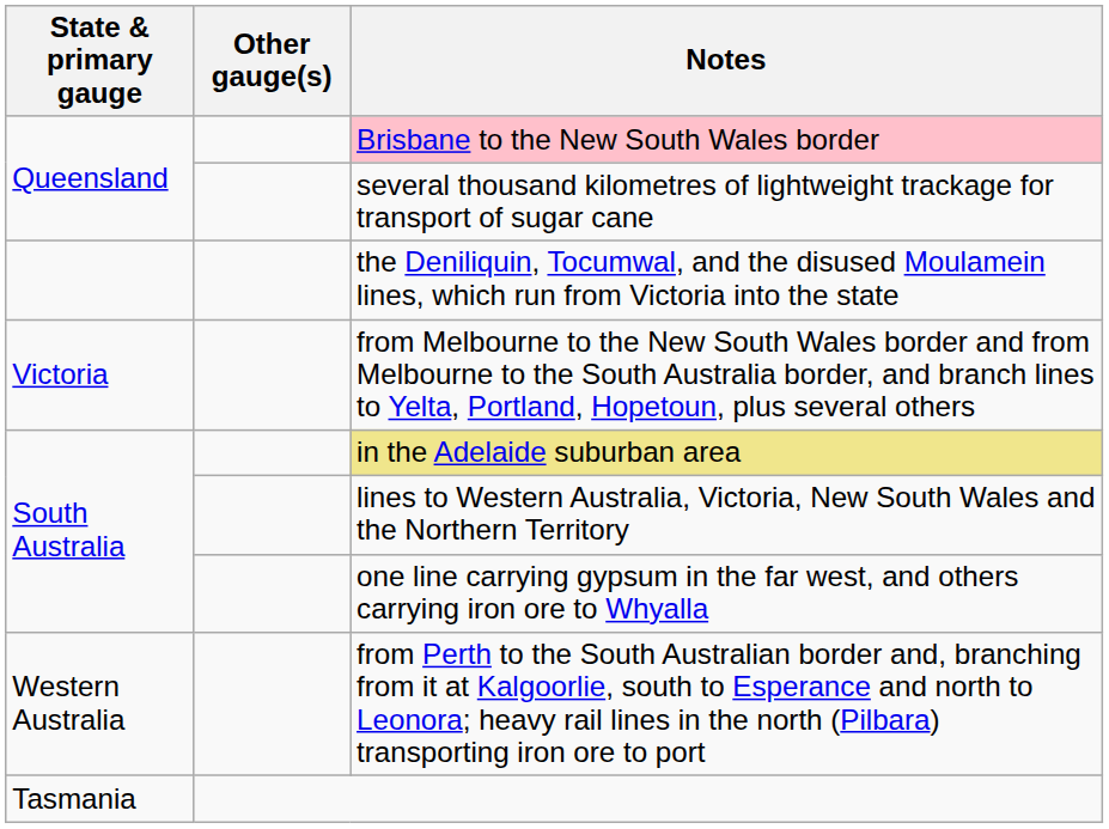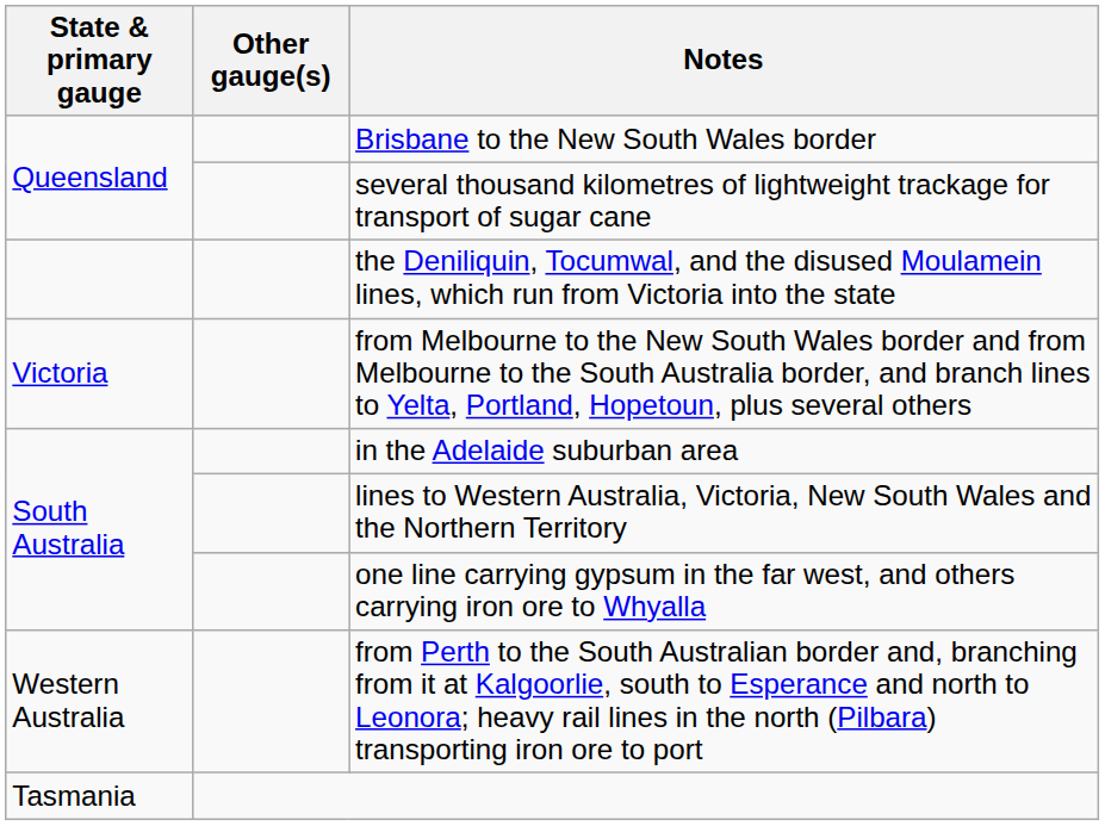 <table class=wikitable>
 <tr>
 <th>State & <br> primary gauge</th>
 <th>Other gauge(s)</th>
 <th>Notes</th>
 </tr>
 <tr>
 <td rowspan=2><a href='#'>Queensland</a> <br> </td>
 <td></td>
-<td style="background: pink;"><a href='#'>Brisbane</a> to the New South Wales border</td>
+<td><a href='#'>Brisbane</a> to the New South Wales border</td>
 </tr>
 <tr>
 <td></td>
 <td>several thousand kilometres of lightweight trackage for transport of sugar cane</td>
 </tr>
 <tr>
 <td></td>
 <td></td>
 <td>the <a href='#'>Deniliquin</a>, <a href='#'>Tocumwal</a>, and the disused <a href='#'>Moulamein</a> lines, which run from Victoria into the state</td>
 </tr>
 <tr>
 <td><a href='#'>Victoria</a> <br> </td>
 <td></td>
 <td>from Melbourne to the New South Wales border and from Melbourne to the South Australia border, and branch lines to <a href='#'>Yelta</a>, <a href='#'>Portland</a>, <a href='#'>Hopetoun</a>, plus several others</td>
 </tr>
 <tr>
 <td rowspan=3><a href='#'>South Australia</a></td>
 <td></td>
-<td style="background: khaki;">in the <a href='#'>Adelaide</a> suburban area</td>
+<td>in the <a href='#'>Adelaide</a> suburban area</td>
 </tr>
 <tr>
 <td></td>
 <td>lines to Western Australia, Victoria, New South Wales and the Northern Territory</td>
 </tr>
 <tr>
 <td></td>
 <td>one line carrying gypsum in the far west, and others carrying iron ore to <a href='#'>Whyalla</a></td>
 </tr>
 <tr>
 <td>Western Australia <br> </td>
 <td></td>
 <td>from <a href='#'>Perth</a> to the South Australian border and, branching from it at <a href='#'>Kalgoorlie</a>, south to <a href='#'>Esperance</a> and north to <a href='#'>Leonora</a>; heavy rail lines in the north (<a href='#'>Pilbara</a>) transporting iron ore to port</td>
 </tr>
 <tr>
 <td>Tasmania <br> </td>
 <td colspan=2></td>
 </tr>
 </table>
